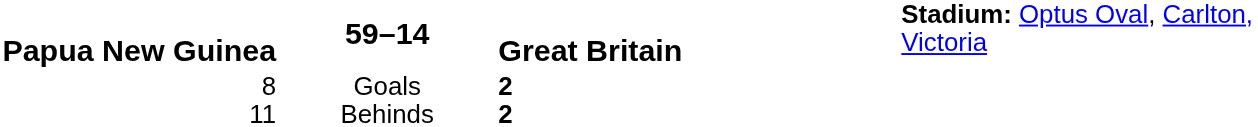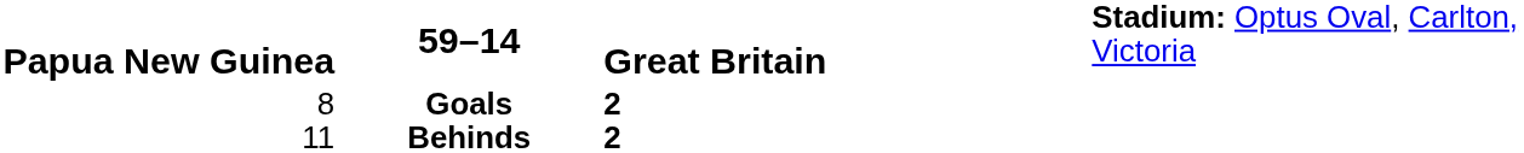 <table style="width: 100%; background: transparent;" cellspacing="0">
 <tr>
 <td align=center valign=top rowspan=3 width=15%></td>
 </tr>
 <tr>
 <td width=24% align=right><br><strong>Papua New Guinea</strong></td>
 <td align=center width=13%><strong>59–14</strong></td>
 <td width=24%><br><strong>Great Britain</strong></td>
 <td style=font-size:85% rowspan=2 valign=top><strong>Stadium:</strong> <a href='#'>Optus Oval</a>, <a href='#'>Carlton, Victoria</a></td>
 </tr>
 <tr style=font-size:85%>
 <td align=right valign=top>8<br> 11</td>
-<td align=center valign=top>Goals <br>Behinds</td>
+<td align=center valign=top><strong>Goals <br>Behinds</strong></td>
 <td valign=top><strong>2<br> 2</strong></td>
 </tr>
 </table>
